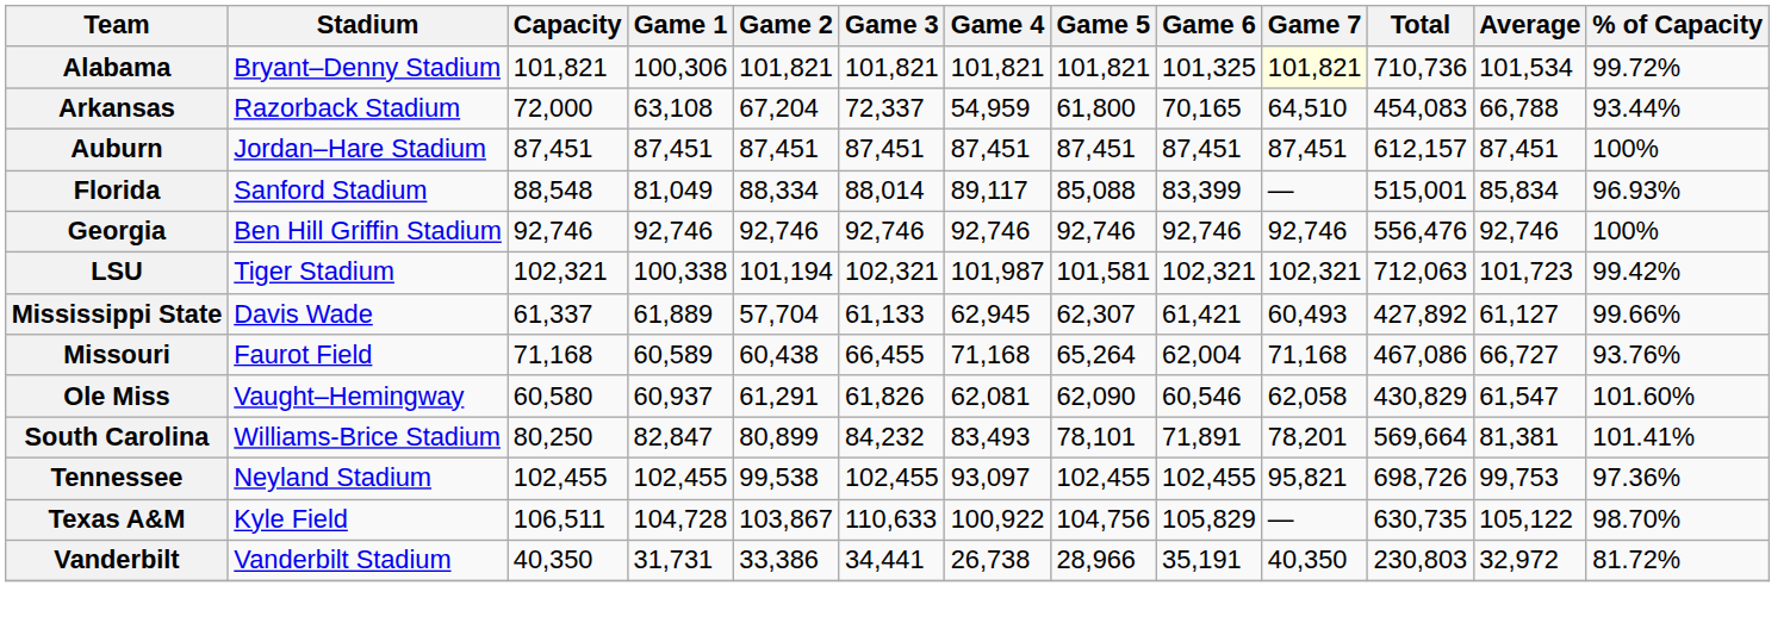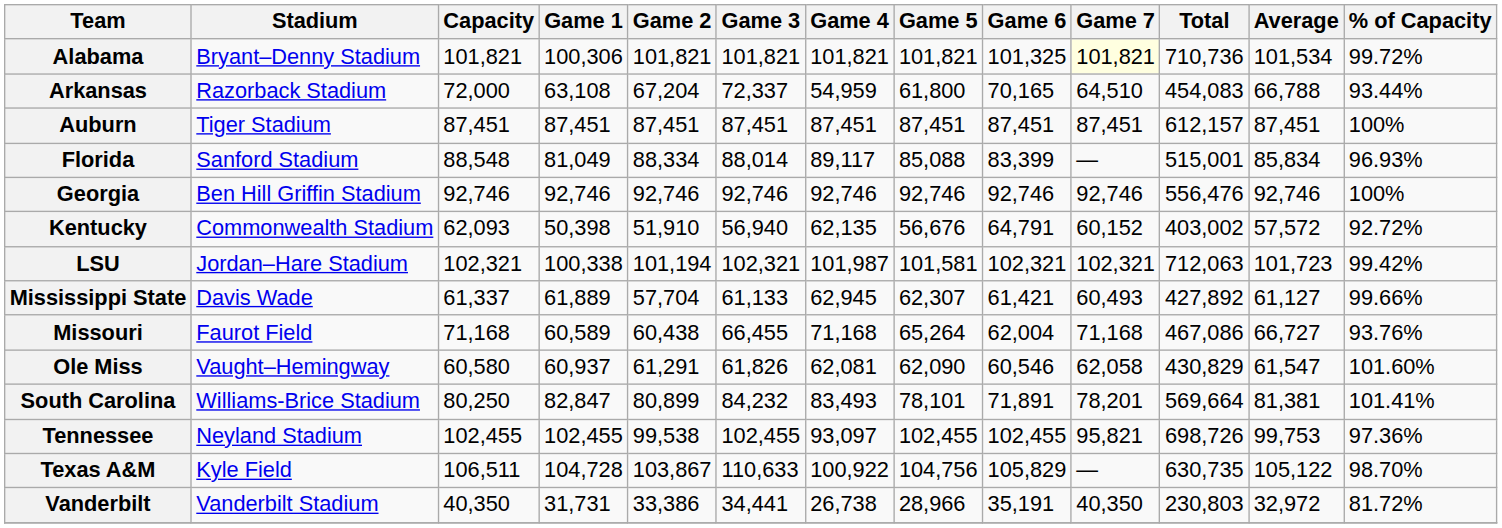 <table class="wikitable sortable">
 <tr>
 <th>Team</th>
 <th>Stadium</th>
 <th>Capacity</th>
 <th>Game 1</th>
 <th>Game 2</th>
 <th>Game 3</th>
 <th>Game 4</th>
 <th>Game 5</th>
 <th>Game 6</th>
 <th>Game 7</th>
 <th>Total</th>
 <th>Average</th>
 <th>% of Capacity</th>
 </tr>
 <tr>
 <th>Alabama</th>
 <td><a href='#'>Bryant–Denny Stadium</a></td>
 <td>101,821</td>
 <td>100,306</td>
 <td>101,821</td>
 <td>101,821</td>
 <td>101,821</td>
 <td>101,821</td>
 <td>101,325</td>
 <td style="background: lightyellow;">101,821</td>
 <td>710,736</td>
 <td>101,534</td>
 <td>99.72%</td>
 </tr>
 <tr>
 <th>Arkansas</th>
 <td><a href='#'>Razorback Stadium</a></td>
 <td>72,000</td>
 <td>63,108</td>
 <td>67,204</td>
 <td>72,337</td>
 <td>54,959</td>
 <td>61,800</td>
 <td>70,165</td>
 <td>64,510</td>
 <td>454,083</td>
 <td>66,788</td>
 <td>93.44%</td>
 </tr>
 <tr>
 <th>Auburn</th>
-<td><a href='#'>Jordan–Hare Stadium</a></td>
+<td><a href='#'>Tiger Stadium</a></td>
 <td>87,451</td>
 <td>87,451</td>
 <td>87,451</td>
 <td>87,451</td>
 <td>87,451</td>
 <td>87,451</td>
 <td>87,451</td>
 <td>87,451</td>
 <td>612,157</td>
 <td>87,451</td>
 <td>100%</td>
 </tr>
 <tr>
 <th>Florida</th>
 <td><a href='#'>Sanford Stadium</a></td>
 <td>88,548</td>
 <td>81,049</td>
 <td>88,334</td>
 <td>88,014</td>
 <td>89,117</td>
 <td>85,088</td>
 <td>83,399</td>
 <td>—</td>
 <td>515,001</td>
 <td>85,834</td>
 <td>96.93%</td>
 </tr>
 <tr>
 <th>Georgia</th>
 <td><a href='#'>Ben Hill Griffin Stadium</a></td>
 <td>92,746</td>
 <td>92,746</td>
 <td>92,746</td>
 <td>92,746</td>
 <td>92,746</td>
 <td>92,746</td>
 <td>92,746</td>
 <td>92,746</td>
 <td>556,476</td>
 <td>92,746</td>
 <td>100%</td>
 </tr>
 <tr>
+<th>Kentucky</th>
+<td><a href='#'>Commonwealth Stadium</a></td>
+<td>62,093</td>
+<td>50,398</td>
+<td>51,910</td>
+<td>56,940</td>
+<td>62,135</td>
+<td>56,676</td>
+<td>64,791</td>
+<td>60,152</td>
+<td>403,002</td>
+<td>57,572</td>
+<td>92.72%</td>
+</tr>
+<tr>
 <th>LSU</th>
-<td><a href='#'>Tiger Stadium</a></td>
+<td><a href='#'>Jordan–Hare Stadium</a></td>
 <td>102,321</td>
 <td>100,338</td>
 <td>101,194</td>
 <td>102,321</td>
 <td>101,987</td>
 <td>101,581</td>
 <td>102,321</td>
 <td>102,321</td>
 <td>712,063</td>
 <td>101,723</td>
 <td>99.42%</td>
 </tr>
 <tr>
 <th>Mississippi State</th>
 <td><a href='#'>Davis Wade</a></td>
 <td>61,337</td>
 <td>61,889</td>
 <td>57,704</td>
 <td>61,133</td>
 <td>62,945</td>
 <td>62,307</td>
 <td>61,421</td>
 <td>60,493</td>
 <td>427,892</td>
 <td>61,127</td>
 <td>99.66%</td>
 </tr>
 <tr>
 <th>Missouri</th>
 <td><a href='#'>Faurot Field</a></td>
 <td>71,168</td>
 <td>60,589</td>
 <td>60,438</td>
 <td>66,455</td>
 <td>71,168</td>
 <td>65,264</td>
 <td>62,004</td>
 <td>71,168</td>
 <td>467,086</td>
 <td>66,727</td>
 <td>93.76%</td>
 </tr>
 <tr>
 <th>Ole Miss</th>
 <td><a href='#'>Vaught–Hemingway</a></td>
 <td>60,580</td>
 <td>60,937</td>
 <td>61,291</td>
 <td>61,826</td>
 <td>62,081</td>
 <td>62,090</td>
 <td>60,546</td>
 <td>62,058</td>
 <td>430,829</td>
 <td>61,547</td>
 <td>101.60%</td>
 </tr>
 <tr>
 <th>South Carolina</th>
 <td><a href='#'>Williams-Brice Stadium</a></td>
 <td>80,250</td>
 <td>82,847</td>
 <td>80,899</td>
 <td>84,232</td>
 <td>83,493</td>
 <td>78,101</td>
 <td>71,891</td>
 <td>78,201</td>
 <td>569,664</td>
 <td>81,381</td>
 <td>101.41%</td>
 </tr>
 <tr>
 <th>Tennessee</th>
 <td><a href='#'>Neyland Stadium</a></td>
 <td>102,455</td>
 <td>102,455</td>
 <td>99,538</td>
 <td>102,455</td>
 <td>93,097</td>
 <td>102,455</td>
 <td>102,455</td>
 <td>95,821</td>
 <td>698,726</td>
 <td>99,753</td>
 <td>97.36%</td>
 </tr>
 <tr>
 <th>Texas A&M</th>
 <td><a href='#'>Kyle Field</a></td>
 <td>106,511</td>
 <td>104,728</td>
 <td>103,867</td>
 <td>110,633</td>
 <td>100,922</td>
 <td>104,756</td>
 <td>105,829</td>
 <td>—</td>
 <td>630,735</td>
 <td>105,122</td>
 <td>98.70%</td>
 </tr>
 <tr>
 <th>Vanderbilt</th>
 <td><a href='#'>Vanderbilt Stadium</a></td>
 <td>40,350</td>
 <td>31,731</td>
 <td>33,386</td>
 <td>34,441</td>
 <td>26,738</td>
 <td>28,966</td>
 <td>35,191</td>
 <td>40,350</td>
 <td>230,803</td>
 <td>32,972</td>
 <td>81.72%</td>
 </tr>
 <tr>
 </tr>
 </table>
